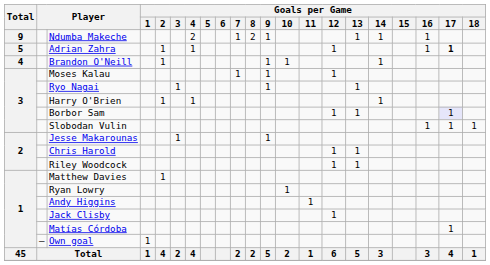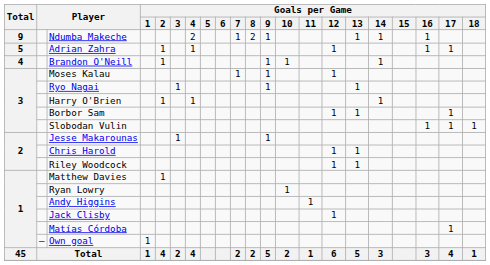 <table class="wikitable" style="text-align:center; line-height: 90%; font-size:90%;">
 <tr>
 <th rowspan=2>Total</th>
 <th rowspan=2 colspan=2>Player</th>
 <th colspan="18" style="width:432px;">Goals per Game</th>
 </tr>
 <tr>
 <th>1</th>
 <th>2</th>
 <th>3</th>
 <th>4</th>
 <th>5</th>
 <th>6</th>
 <th>7</th>
 <th>8</th>
 <th>9</th>
 <th>10</th>
 <th>11</th>
 <th>12</th>
 <th>13</th>
 <th>14</th>
 <th>15</th>
 <th>16</th>
 <th>17</th>
 <th>18</th>
 </tr>
 <tr>
 <th rowspan="1">9</th>
 <td></td>
 <td style="text-align:left;"><a href='#'>Ndumba Makeche</a></td>
 <td></td>
 <td></td>
 <td></td>
 <td>2</td>
 <td></td>
 <td></td>
 <td>1</td>
 <td>2</td>
 <td>1</td>
 <td></td>
 <td></td>
 <td></td>
 <td>1</td>
 <td>1</td>
 <td></td>
 <td>1</td>
 <td></td>
 <td></td>
 </tr>
 <tr>
 <th rowspan="1">5</th>
 <td></td>
 <td style="text-align:left;"><a href='#'>Adrian Zahra</a></td>
 <td></td>
 <td>1</td>
 <td></td>
 <td>1</td>
 <td></td>
 <td></td>
 <td></td>
 <td></td>
 <td></td>
 <td></td>
 <td></td>
 <td>1</td>
 <td></td>
 <td></td>
 <td></td>
 <td>1</td>
-<td><strong>1</strong></td>
+<td>1</td>
 <td></td>
 </tr>
 <tr>
 <th rowspan="1">4</th>
 <td></td>
 <td style="text-align:left;"><a href='#'>Brandon O'Neill</a></td>
 <td></td>
 <td>1</td>
 <td></td>
 <td></td>
 <td></td>
 <td></td>
 <td></td>
 <td></td>
 <td>1</td>
 <td>1</td>
 <td></td>
 <td></td>
 <td></td>
 <td>1</td>
 <td></td>
 <td></td>
 <td></td>
 <td></td>
 </tr>
 <tr>
 <th rowspan="5">3</th>
 <td></td>
 <td style="text-align:left;">Moses Kalau</td>
 <td></td>
 <td></td>
 <td></td>
 <td></td>
 <td></td>
 <td></td>
 <td>1</td>
 <td></td>
 <td>1</td>
 <td></td>
 <td></td>
 <td>1</td>
 <td></td>
 <td></td>
 <td></td>
 <td></td>
 <td></td>
 <td></td>
 </tr>
 <tr>
 <td></td>
 <td style="text-align:left;"><a href='#'>Ryo Nagai</a></td>
 <td></td>
 <td></td>
 <td>1</td>
 <td></td>
 <td></td>
 <td></td>
 <td></td>
 <td></td>
 <td>1</td>
 <td></td>
 <td></td>
 <td></td>
 <td>1</td>
 <td></td>
 <td></td>
 <td></td>
 <td></td>
 <td></td>
 </tr>
 <tr>
 <td></td>
 <td style="text-align:left;">Harry O'Brien</td>
 <td></td>
 <td>1</td>
 <td></td>
 <td>1</td>
 <td></td>
 <td></td>
 <td></td>
 <td></td>
 <td></td>
 <td></td>
 <td></td>
 <td></td>
 <td></td>
 <td>1</td>
 <td></td>
 <td></td>
 <td></td>
 <td></td>
 </tr>
 <tr>
 <td></td>
 <td style="text-align:left;">Borbor Sam</td>
 <td></td>
 <td></td>
 <td></td>
 <td></td>
 <td></td>
 <td></td>
 <td></td>
 <td></td>
 <td></td>
 <td></td>
 <td></td>
 <td>1</td>
 <td>1</td>
 <td></td>
 <td></td>
 <td></td>
-<td style="background: lavender;">1</td>
+<td>1</td>
 <td></td>
 </tr>
 <tr>
 <td></td>
 <td style="text-align:left;">Slobodan Vulin</td>
 <td></td>
 <td></td>
 <td></td>
 <td></td>
 <td></td>
 <td></td>
 <td></td>
 <td></td>
 <td></td>
 <td></td>
 <td></td>
 <td></td>
 <td></td>
 <td></td>
 <td></td>
 <td>1</td>
 <td>1</td>
 <td>1</td>
 </tr>
 <tr>
 <th rowspan="3">2</th>
 <td></td>
 <td style="text-align:left;"><a href='#'>Jesse Makarounas</a></td>
 <td></td>
 <td></td>
 <td>1</td>
 <td></td>
 <td></td>
 <td></td>
 <td></td>
 <td></td>
 <td>1</td>
 <td></td>
 <td></td>
 <td></td>
 <td></td>
 <td></td>
 <td></td>
 <td></td>
 <td></td>
 <td></td>
 </tr>
 <tr>
 <td></td>
 <td style="text-align:left;"><a href='#'>Chris Harold</a></td>
 <td></td>
 <td></td>
 <td></td>
 <td></td>
 <td></td>
 <td></td>
 <td></td>
 <td></td>
 <td></td>
 <td></td>
 <td></td>
 <td>1</td>
 <td>1</td>
 <td></td>
 <td></td>
 <td></td>
 <td></td>
 <td></td>
 </tr>
 <tr>
 <td></td>
 <td style="text-align:left;">Riley Woodcock</td>
 <td></td>
 <td></td>
 <td></td>
 <td></td>
 <td></td>
 <td></td>
 <td></td>
 <td></td>
 <td></td>
 <td></td>
 <td></td>
 <td>1</td>
 <td>1</td>
 <td></td>
 <td></td>
 <td></td>
 <td></td>
 <td></td>
 </tr>
 <tr>
 <th rowspan="6">1</th>
 <td></td>
 <td style="text-align:left;">Matthew Davies</td>
 <td></td>
 <td>1</td>
 <td></td>
 <td></td>
 <td></td>
 <td></td>
 <td></td>
 <td></td>
 <td></td>
 <td></td>
 <td></td>
 <td></td>
 <td></td>
 <td></td>
 <td></td>
 <td></td>
 <td></td>
 <td></td>
 </tr>
 <tr>
 <td></td>
 <td style="text-align:left;">Ryan Lowry</td>
 <td></td>
 <td></td>
 <td></td>
 <td></td>
 <td></td>
 <td></td>
 <td></td>
 <td></td>
 <td></td>
 <td>1</td>
 <td></td>
 <td></td>
 <td></td>
 <td></td>
 <td></td>
 <td></td>
 <td></td>
 <td></td>
 </tr>
 <tr>
 <td></td>
 <td style="text-align:left;"><a href='#'>Andy Higgins</a></td>
 <td></td>
 <td></td>
 <td></td>
 <td></td>
 <td></td>
 <td></td>
 <td></td>
 <td></td>
 <td></td>
 <td></td>
 <td>1</td>
 <td></td>
 <td></td>
 <td></td>
 <td></td>
 <td></td>
 <td></td>
 <td></td>
 </tr>
 <tr>
 <td></td>
 <td style="text-align:left;"><a href='#'>Jack Clisby</a></td>
 <td></td>
 <td></td>
 <td></td>
 <td></td>
 <td></td>
 <td></td>
 <td></td>
 <td></td>
 <td></td>
 <td></td>
 <td></td>
 <td>1</td>
 <td></td>
 <td></td>
 <td></td>
 <td></td>
 <td></td>
 <td></td>
 </tr>
 <tr>
 <td></td>
 <td style="text-align:left;"><a href='#'>Matías Córdoba</a></td>
 <td></td>
 <td></td>
 <td></td>
 <td></td>
 <td></td>
 <td></td>
 <td></td>
 <td></td>
 <td></td>
 <td></td>
 <td></td>
 <td></td>
 <td></td>
 <td></td>
 <td></td>
 <td></td>
 <td>1</td>
 <td></td>
 </tr>
 <tr>
 <td>–</td>
 <td style="text-align:left;"><a href='#'>Own goal</a></td>
 <td>1</td>
 <td></td>
 <td></td>
 <td></td>
 <td></td>
 <td></td>
 <td></td>
 <td></td>
 <td></td>
 <td></td>
 <td></td>
 <td></td>
 <td></td>
 <td></td>
 <td></td>
 <td></td>
 <td></td>
 <td></td>
 </tr>
 <tr>
 <th rowspan="1">45</th>
 <th colspan="2">Total</th>
 <th style="text-align:center;">1</th>
 <th>4</th>
 <th>2</th>
 <th>4</th>
 <th></th>
 <th></th>
 <th>2</th>
 <th>2</th>
 <th>5</th>
 <th>2</th>
 <th>1</th>
 <th>6</th>
 <th>5</th>
 <th>3</th>
 <th></th>
 <th>3</th>
 <th>4</th>
 <th>1</th>
 </tr>
 <tr>
 </tr>
 </table>
